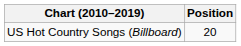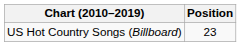 <table class="wikitable">
 <tr>
 <th>Chart (2010–2019)</th>
 <th>Position</th>
 </tr>
 <tr>
 <td>US Hot Country Songs (<em>Billboard</em>)</td>
-<td style="text-align:center;">20</td>
+<td style="text-align:center;">23</td>
 </tr>
 </table>
